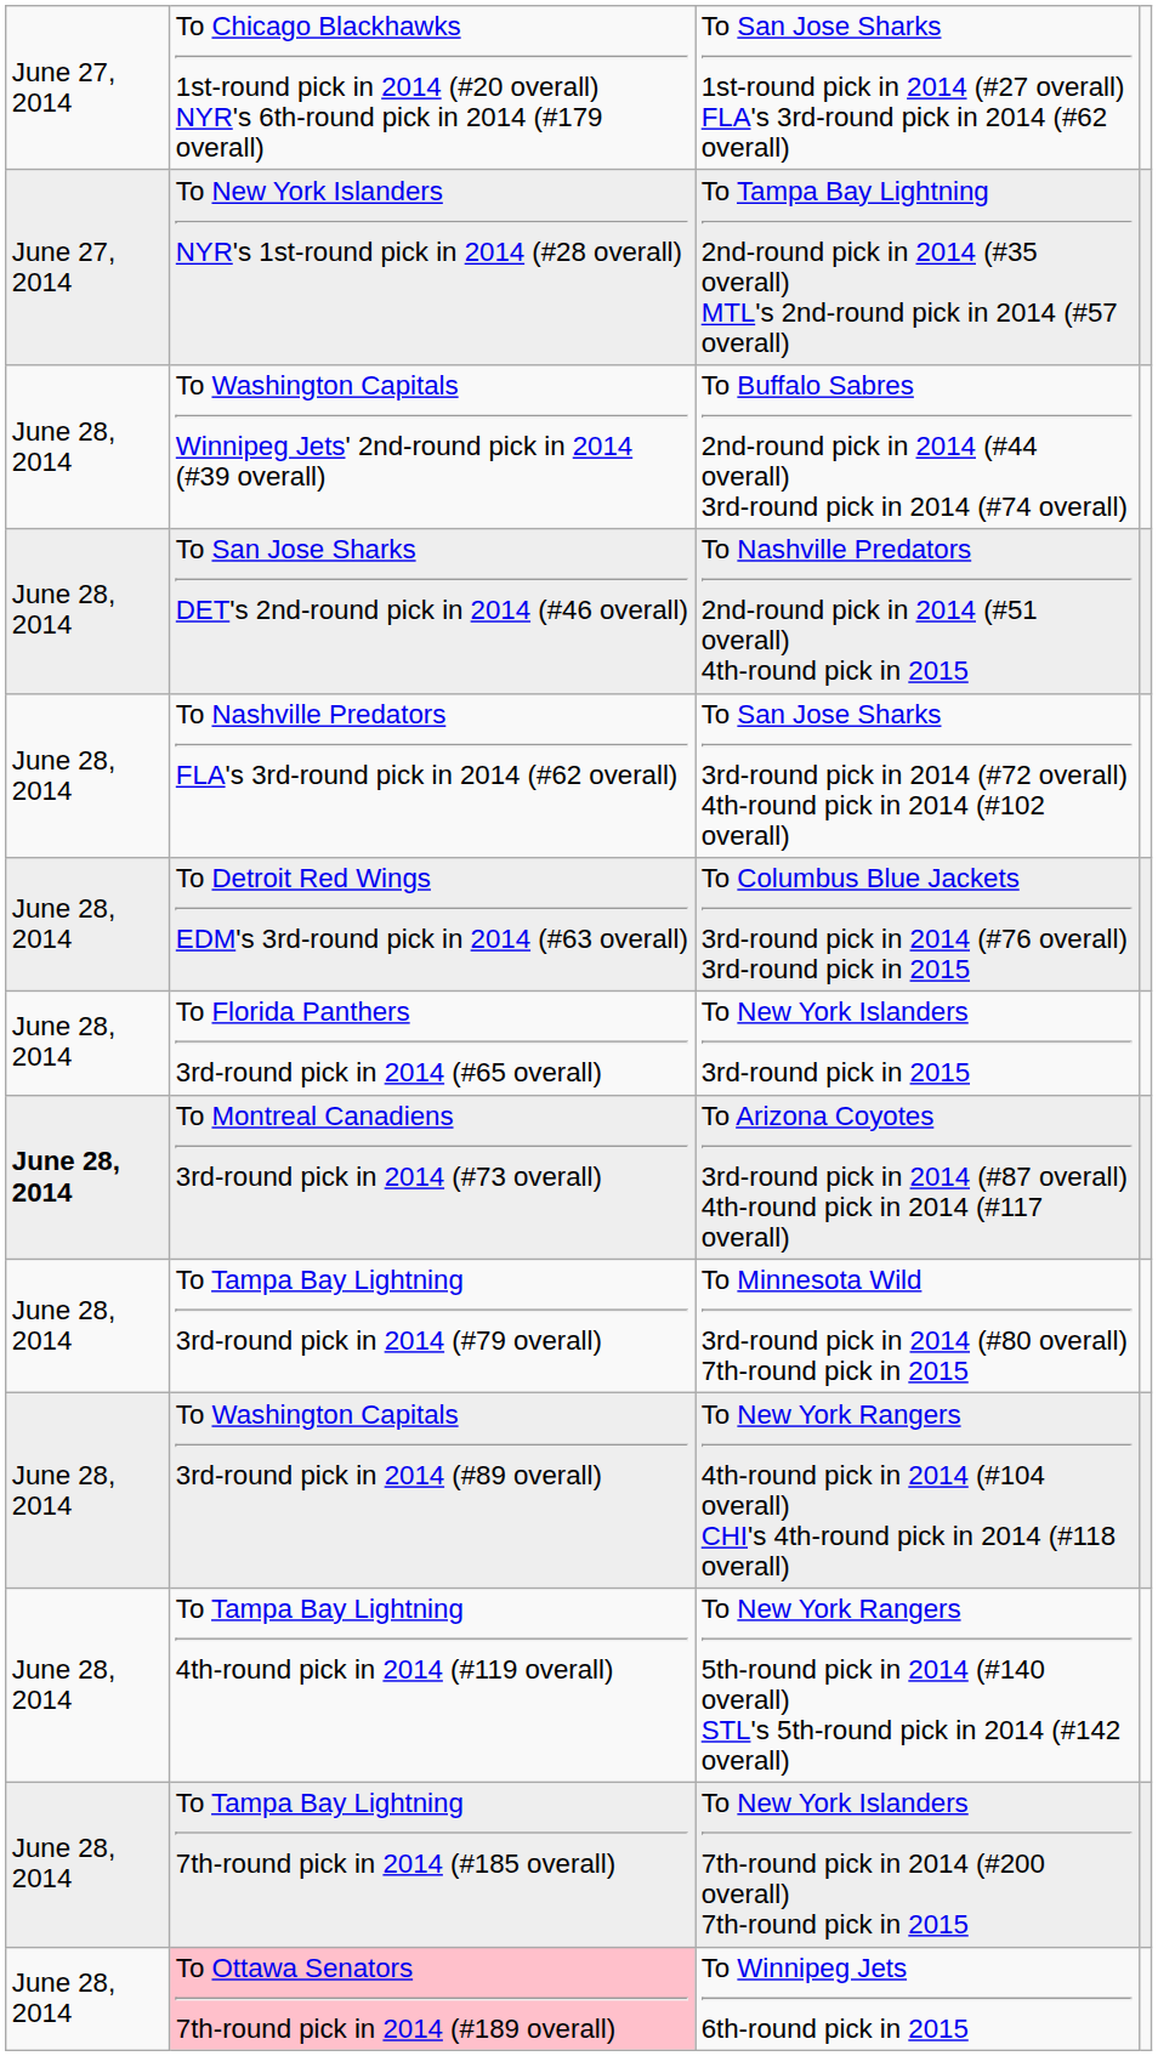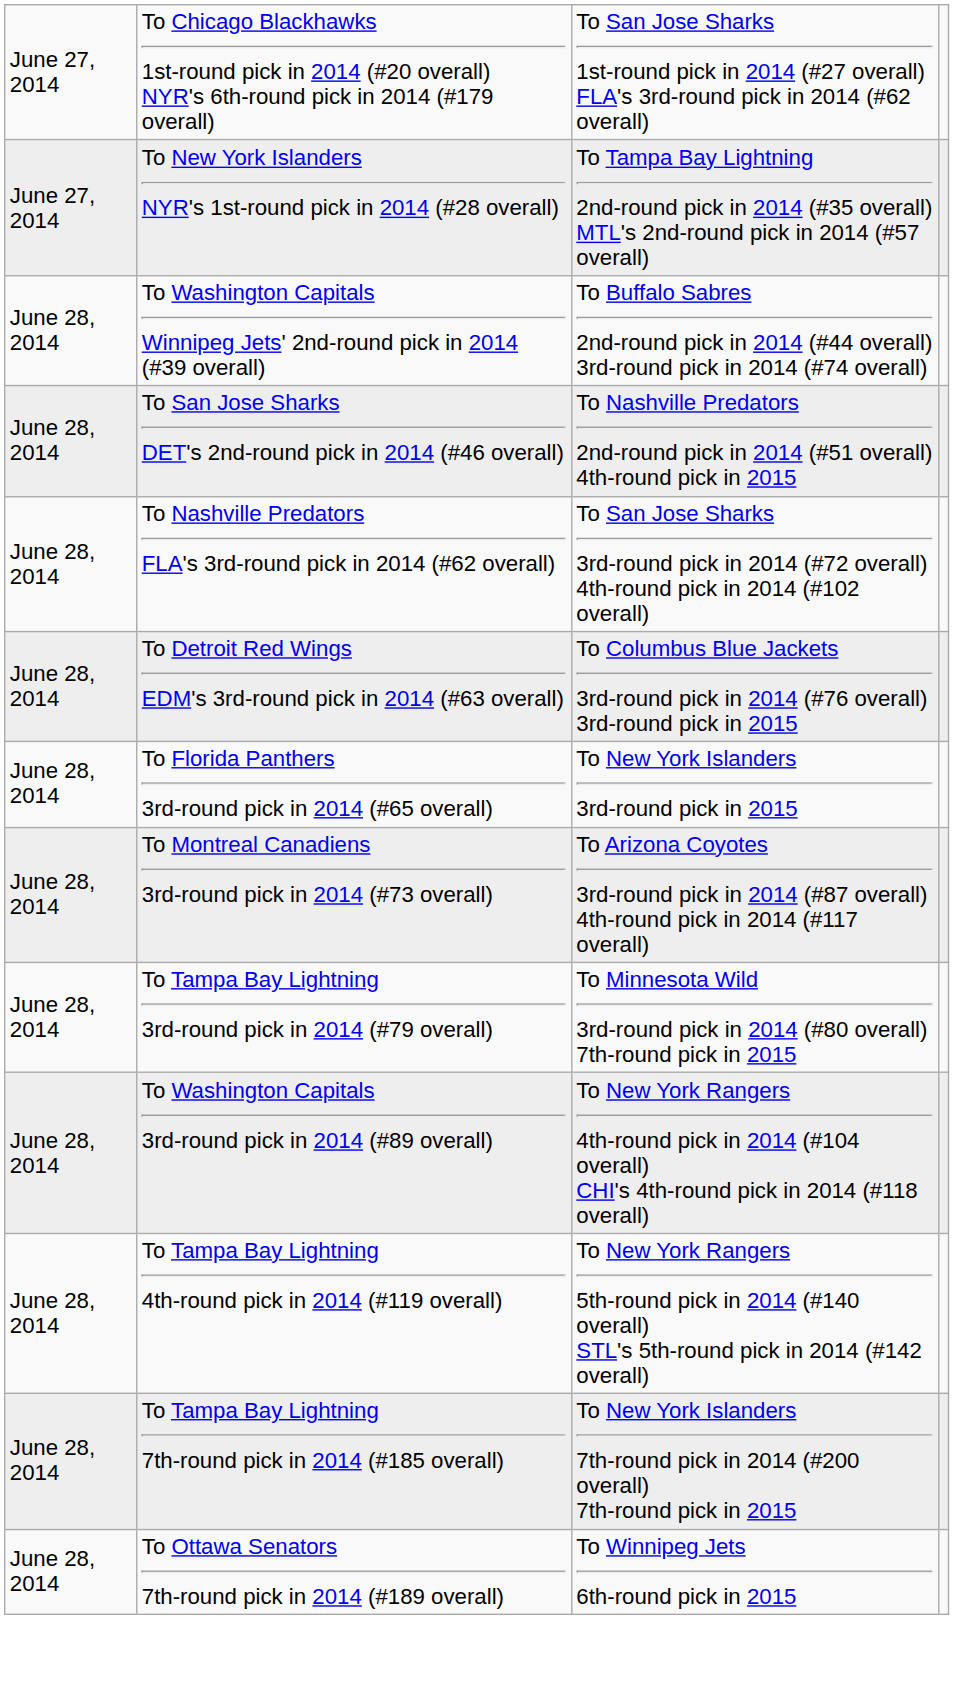 <table class="wikitable" style="border:1px solid #999999; width:680px;">
 <tr>
 <td>June 27, 2014</td>
 <td valign="top">To <a href='#'>Chicago Blackhawks</a><hr>1st-round pick in <a href='#'>2014</a> (#20 overall)<br><a href='#'>NYR</a>'s 6th-round pick in 2014 (#179 overall)</td>
 <td valign="top">To <a href='#'>San Jose Sharks</a><hr>1st-round pick in <a href='#'>2014</a> (#27 overall)<br><a href='#'>FLA</a>'s 3rd-round pick in 2014 (#62 overall)</td>
 <td></td>
 </tr>
 <tr bgcolor="eeeeee">
 <td>June 27, 2014</td>
 <td valign="top">To <a href='#'>New York Islanders</a><hr><a href='#'>NYR</a>'s 1st-round pick in <a href='#'>2014</a> (#28 overall)</td>
 <td valign="top">To <a href='#'>Tampa Bay Lightning</a><hr>2nd-round pick in <a href='#'>2014</a> (#35 overall)<br><a href='#'>MTL</a>'s 2nd-round pick in 2014 (#57 overall)</td>
 <td></td>
 </tr>
 <tr>
 <td>June 28, 2014</td>
 <td valign="top">To <a href='#'>Washington Capitals</a><hr><a href='#'>Winnipeg Jets</a>' 2nd-round pick in <a href='#'>2014</a> (#39 overall)</td>
 <td valign="top">To <a href='#'>Buffalo Sabres</a><hr>2nd-round pick in <a href='#'>2014</a> (#44 overall)<br>3rd-round pick in 2014 (#74 overall)</td>
 <td></td>
 </tr>
 <tr bgcolor="eeeeee">
 <td>June 28, 2014</td>
 <td valign="top">To <a href='#'>San Jose Sharks</a><hr><a href='#'>DET</a>'s 2nd-round pick in <a href='#'>2014</a> (#46 overall)</td>
 <td valign="top">To <a href='#'>Nashville Predators</a><hr>2nd-round pick in <a href='#'>2014</a> (#51 overall)<br>4th-round pick in <a href='#'>2015</a></td>
 <td></td>
 </tr>
 <tr>
 <td>June 28, 2014</td>
 <td valign="top">To <a href='#'>Nashville Predators</a><hr><a href='#'>FLA</a>'s 3rd-round pick in 2014 (#62 overall)</td>
 <td valign="top">To <a href='#'>San Jose Sharks</a><hr>3rd-round pick in 2014 (#72 overall)<br>4th-round pick in 2014 (#102 overall)</td>
 <td></td>
 </tr>
 <tr bgcolor="eeeeee">
 <td>June 28, 2014</td>
 <td valign="top">To <a href='#'>Detroit Red Wings</a><hr><a href='#'>EDM</a>'s 3rd-round pick in <a href='#'>2014</a> (#63 overall)</td>
 <td valign="top">To <a href='#'>Columbus Blue Jackets</a><hr>3rd-round pick in <a href='#'>2014</a> (#76 overall)<br>3rd-round pick in <a href='#'>2015</a></td>
 <td></td>
 </tr>
 <tr>
 <td>June 28, 2014</td>
 <td valign="top">To <a href='#'>Florida Panthers</a><hr>3rd-round pick in <a href='#'>2014</a> (#65 overall)</td>
 <td valign="top">To <a href='#'>New York Islanders</a><hr>3rd-round pick in <a href='#'>2015</a></td>
 <td></td>
 </tr>
 <tr bgcolor="eeeeee">
-<td><strong>June 28, 2014</strong></td>
+<td>June 28, 2014</td>
 <td valign="top">To <a href='#'>Montreal Canadiens</a><hr>3rd-round pick in <a href='#'>2014</a> (#73 overall)</td>
 <td valign="top">To <a href='#'>Arizona Coyotes</a><hr>3rd-round pick in <a href='#'>2014</a> (#87 overall)<br>4th-round pick in 2014 (#117 overall)</td>
 <td></td>
 </tr>
 <tr>
 <td>June 28, 2014</td>
 <td valign="top">To <a href='#'>Tampa Bay Lightning</a><hr>3rd-round pick in <a href='#'>2014</a> (#79 overall)</td>
 <td valign="top">To <a href='#'>Minnesota Wild</a><hr>3rd-round pick in <a href='#'>2014</a> (#80 overall)<br>7th-round pick in <a href='#'>2015</a></td>
 <td></td>
 </tr>
 <tr bgcolor="eeeeee">
 <td>June 28, 2014</td>
 <td valign="top">To <a href='#'>Washington Capitals</a><hr>3rd-round pick in <a href='#'>2014</a> (#89 overall)</td>
 <td valign="top">To <a href='#'>New York Rangers</a><hr>4th-round pick in <a href='#'>2014</a> (#104 overall)<br><a href='#'>CHI</a>'s 4th-round pick in 2014 (#118 overall)</td>
 <td></td>
 </tr>
 <tr>
 <td>June 28, 2014</td>
 <td valign="top">To <a href='#'>Tampa Bay Lightning</a><hr>4th-round pick in <a href='#'>2014</a> (#119 overall)</td>
 <td valign="top">To <a href='#'>New York Rangers</a><hr>5th-round pick in <a href='#'>2014</a> (#140 overall)<br><a href='#'>STL</a>'s 5th-round pick in 2014 (#142 overall)</td>
 <td></td>
 </tr>
 <tr bgcolor="eeeeee">
 <td>June 28, 2014</td>
 <td valign="top">To <a href='#'>Tampa Bay Lightning</a><hr>7th-round pick in <a href='#'>2014</a> (#185 overall)</td>
 <td valign="top">To <a href='#'>New York Islanders</a><hr>7th-round pick in 2014 (#200 overall)<br>7th-round pick in <a href='#'>2015</a></td>
 <td></td>
 </tr>
 <tr>
 <td>June 28, 2014</td>
-<td valign="top" style="background: pink;">To <a href='#'>Ottawa Senators</a><hr>7th-round pick in <a href='#'>2014</a> (#189 overall)</td>
+<td valign="top">To <a href='#'>Ottawa Senators</a><hr>7th-round pick in <a href='#'>2014</a> (#189 overall)</td>
 <td valign="top">To <a href='#'>Winnipeg Jets</a><hr>6th-round pick in <a href='#'>2015</a></td>
 <td></td>
 </tr>
 </table>
